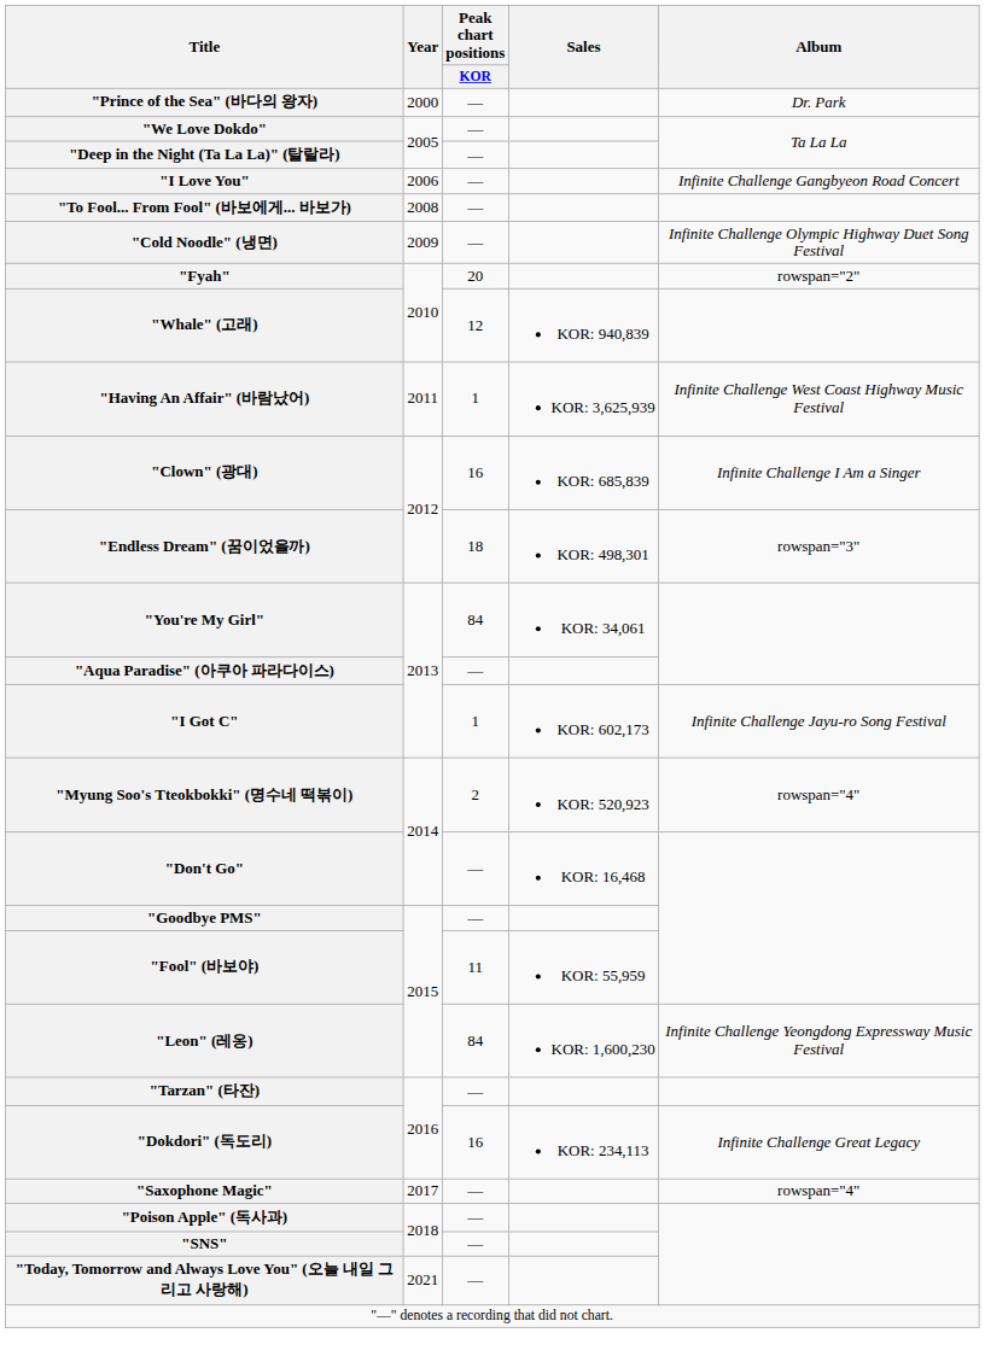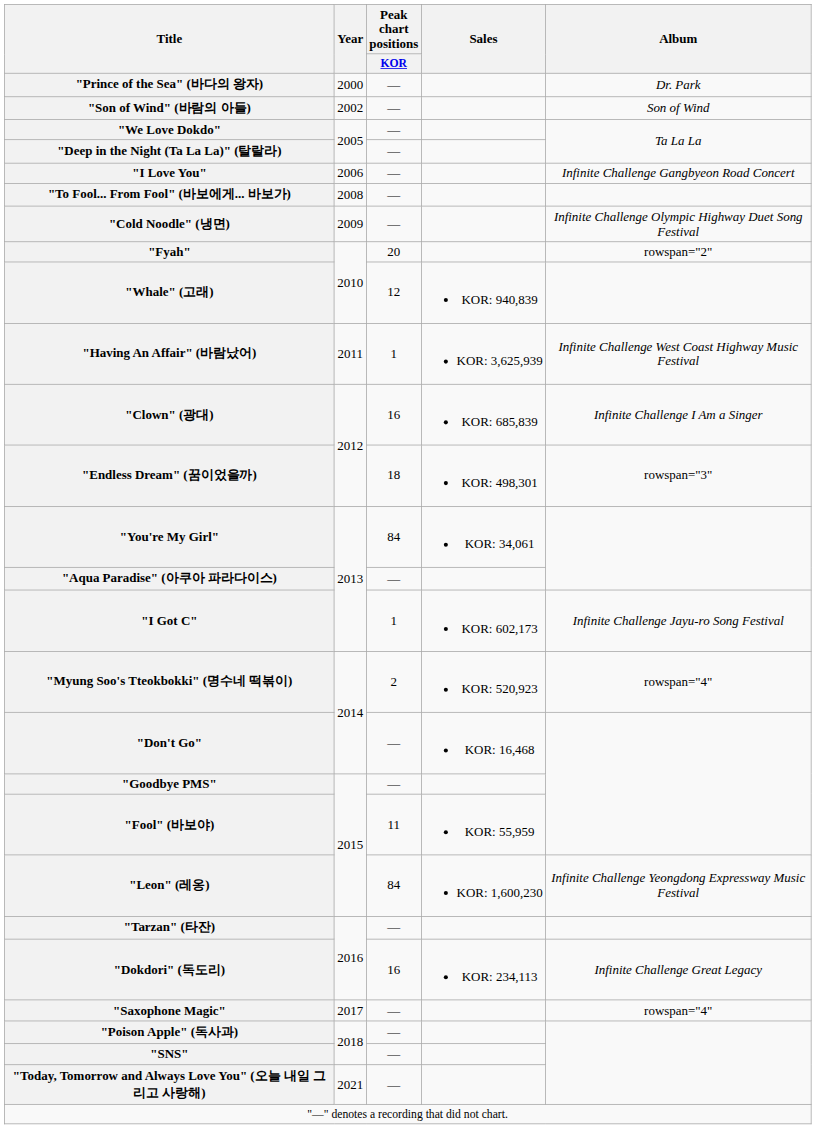 <table class="wikitable plainrowheaders" style="text-align:center;">
 <tr>
 <th rowspan="2" scope="col" style="width:25em;">Title</th>
 <th rowspan="2" scope="col">Year</th>
 <th scope="col">Peak chart positions</th>
 <th rowspan="2" scope="col">Sales</th>
 <th rowspan="2" scope="col" style="width:20em;">Album</th>
 </tr>
 <tr>
 <th scope="col" style="width:3em;font-size:90%;"><a href='#'>KOR</a><br></th>
 </tr>
 <tr>
 <th scope="row">"Prince of the Sea" (바다의 왕자)</th>
 <td>2000</td>
 <td>—</td>
 <td></td>
 <td><em>Dr. Park</em></td>
+</tr>
+<tr>
+<th scope="row">"Son of Wind" (바람의 아들)</th>
+<td>2002</td>
+<td>—</td>
+<td></td>
+<td><em>Son of Wind</em></td>
 </tr>
 <tr>
 <th scope="row">"We Love Dokdo"</th>
 <td rowspan="2">2005</td>
 <td>—</td>
 <td></td>
 <td rowspan="2"><em>Ta La La</em></td>
 </tr>
 <tr>
 <th scope="row">"Deep in the Night (Ta La La)" (탈랄라)</th>
 <td>—</td>
 <td></td>
 </tr>
 <tr>
 <th scope="row">"I Love You"</th>
 <td>2006</td>
 <td>—</td>
 <td></td>
 <td><em>Infinite Challenge Gangbyeon Road Concert</em></td>
 </tr>
 <tr>
 <th scope="row">"To Fool... From Fool" (바보에게... 바보가)</th>
 <td>2008</td>
 <td>—</td>
 <td></td>
 <td></td>
 </tr>
 <tr>
 <th scope="row">"Cold Noodle" (냉면) </th>
 <td>2009</td>
 <td>—</td>
 <td></td>
 <td><em>Infinite Challenge Olympic Highway Duet Song Festival</em></td>
 </tr>
 <tr>
 <th scope="row">"Fyah" </th>
 <td rowspan="2">2010</td>
 <td>20</td>
 <td></td>
 <td>rowspan="2" </td>
 </tr>
 <tr>
 <th scope="row">"Whale" (고래) </th>
 <td>12</td>
 <td><br><ul><li>KOR: 940,839</li></ul></td>
 </tr>
 <tr>
 <th scope="row">"Having An Affair" (바람났어) </th>
 <td>2011</td>
 <td>1</td>
 <td><br><ul><li>KOR: 3,625,939</li></ul></td>
 <td><em>Infinite Challenge West Coast Highway Music Festival</em></td>
 </tr>
 <tr>
 <th scope="row">"Clown" (광대) </th>
 <td rowspan="2">2012</td>
 <td>16</td>
 <td><br><ul><li>KOR: 685,839</li></ul></td>
 <td><em>Infinite Challenge I Am a Singer</em></td>
 </tr>
 <tr>
 <th scope="row">"Endless Dream" (꿈이었을까) </th>
 <td>18</td>
 <td><br><ul><li>KOR: 498,301</li></ul></td>
 <td>rowspan="3" </td>
 </tr>
 <tr>
 <th scope="row">"You're My Girl"</th>
 <td rowspan="3">2013</td>
 <td>84</td>
 <td><br><ul><li>KOR: 34,061</li></ul></td>
 </tr>
 <tr>
 <th scope="row">"Aqua Paradise" (아쿠아 파라다이스)</th>
 <td>—</td>
 <td></td>
 </tr>
 <tr>
 <th scope="row">"I Got C" </th>
 <td>1</td>
 <td><br><ul><li>KOR: 602,173</li></ul></td>
 <td><em>Infinite Challenge Jayu-ro Song Festival</em></td>
 </tr>
 <tr>
 <th scope="row">"Myung Soo's Tteokbokki" (명수네 떡볶이) </th>
 <td rowspan="2">2014</td>
 <td>2</td>
 <td><br><ul><li>KOR: 520,923</li></ul></td>
 <td>rowspan="4" </td>
 </tr>
 <tr>
 <th scope="row">"Don't Go" </th>
 <td>—</td>
 <td><br><ul><li>KOR: 16,468</li></ul></td>
 </tr>
 <tr>
 <th scope="row">"Goodbye PMS" </th>
 <td rowspan="3">2015</td>
 <td>—</td>
 <td></td>
 </tr>
 <tr>
 <th scope="row">"Fool" (바보야) </th>
 <td>11</td>
 <td><br><ul><li>KOR: 55,959</li></ul></td>
 </tr>
 <tr>
 <th scope="row">"Leon" (레옹) </th>
 <td>84</td>
 <td><br><ul><li>KOR: 1,600,230</li></ul></td>
 <td><em>Infinite Challenge Yeongdong Expressway Music Festival</em></td>
 </tr>
 <tr>
 <th scope="row">"Tarzan" (타잔) </th>
 <td rowspan="2">2016</td>
 <td>—</td>
 <td></td>
 <td></td>
 </tr>
 <tr>
 <th scope="row">"Dokdori" (독도리) </th>
 <td>16</td>
 <td><br><ul><li>KOR: 234,113</li></ul></td>
 <td><em>Infinite Challenge Great Legacy</em></td>
 </tr>
 <tr>
 <th scope="row">"Saxophone Magic" </th>
 <td>2017</td>
 <td>—</td>
 <td></td>
 <td>rowspan="4" </td>
 </tr>
 <tr>
 <th scope="row">"Poison Apple" (독사과) </th>
 <td rowspan="2">2018</td>
 <td>—</td>
 <td></td>
 </tr>
 <tr>
 <th scope="row">"SNS" </th>
 <td>—</td>
 <td></td>
 </tr>
 <tr>
 <th scope="row">"Today, Tomorrow and Always Love You" (오늘 내일 그리고 사랑해)</th>
 <td>2021</td>
 <td>—</td>
 <td></td>
 </tr>
 <tr>
 <td colspan="5" style="font-size:90%">"—" denotes a recording that did not chart.</td>
 </tr>
 </table>
